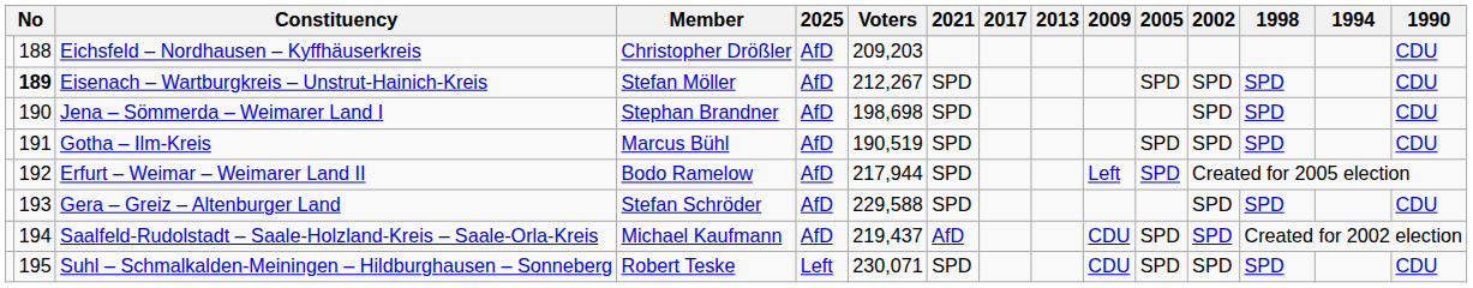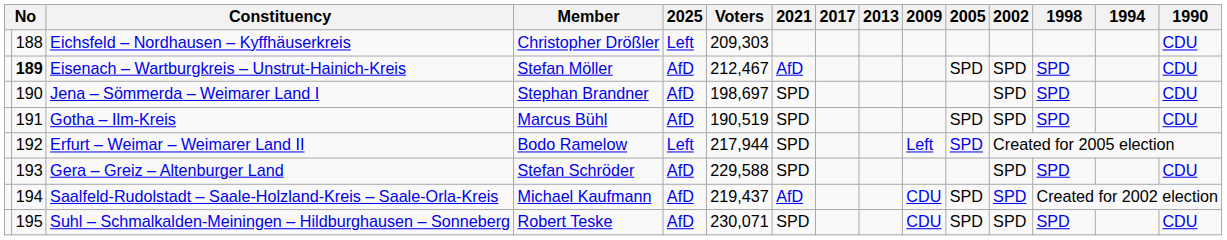 <table class="wikitable sortable">
 <tr>
 <th colspan=2>No</th>
 <th>Constituency</th>
 <th>Member</th>
 <th>2025</th>
 <th>Voters</th>
 <th>2021</th>
 <th>2017</th>
 <th>2013</th>
 <th>2009</th>
 <th>2005</th>
 <th>2002</th>
 <th>1998</th>
 <th>1994</th>
 <th>1990</th>
 </tr>
 <tr>
 <td style="background-color: "></td>
 <td>188</td>
 <td><a href='#'>Eichsfeld – Nordhausen – Kyffhäuserkreis</a></td>
 <td><a href='#'>Christopher Drößler</a></td>
-<td><a href='#'>AfD</a></td>
-<td>209,203</td>
+<td><a href='#'>Left</a></td>
+<td>209,303</td>
 <td></td>
 <td></td>
 <td></td>
 <td></td>
 <td></td>
 <td></td>
 <td></td>
 <td></td>
 <td><a href='#'>CDU</a></td>
 </tr>
 <tr>
 <td style="background-color: "></td>
 <td><strong>189</strong></td>
 <td><a href='#'>Eisenach – Wartburgkreis – Unstrut-Hainich-Kreis</a></td>
 <td><a href='#'>Stefan Möller</a></td>
 <td><a href='#'>AfD</a></td>
-<td>212,267</td>
-<td bgcolor=>SPD</td>
+<td>212,467</td>
+<td><a href='#'>AfD</a></td>
 <td></td>
 <td></td>
 <td></td>
 <td bgcolor=>SPD</td>
 <td bgcolor=>SPD</td>
 <td><a href='#'>SPD</a></td>
 <td></td>
 <td><a href='#'>CDU</a></td>
 </tr>
 <tr>
 <td style="background-color: "></td>
 <td>190</td>
 <td><a href='#'>Jena – Sömmerda – Weimarer Land I</a></td>
 <td><a href='#'>Stephan Brandner</a></td>
 <td><a href='#'>AfD</a></td>
-<td>198,698</td>
+<td>198,697</td>
 <td bgcolor=>SPD</td>
 <td></td>
 <td></td>
 <td></td>
 <td></td>
 <td bgcolor=>SPD</td>
 <td><a href='#'>SPD</a></td>
 <td></td>
 <td><a href='#'>CDU</a></td>
 </tr>
 <tr>
 <td style="background-color: "></td>
 <td>191</td>
 <td><a href='#'>Gotha – Ilm-Kreis</a></td>
 <td><a href='#'>Marcus Bühl</a></td>
 <td><a href='#'>AfD</a></td>
 <td>190,519</td>
 <td bgcolor=>SPD</td>
 <td></td>
 <td></td>
 <td></td>
 <td bgcolor=>SPD</td>
 <td bgcolor=>SPD</td>
 <td><a href='#'>SPD</a></td>
 <td></td>
 <td><a href='#'>CDU</a></td>
 </tr>
 <tr>
 <td style="background-color: "></td>
 <td>192</td>
 <td><a href='#'>Erfurt – Weimar – Weimarer Land II</a></td>
 <td><a href='#'>Bodo Ramelow</a></td>
-<td><a href='#'>AfD</a></td>
+<td><a href='#'>Left</a></td>
 <td>217,944</td>
 <td bgcolor=>SPD</td>
 <td></td>
 <td></td>
 <td><a href='#'>Left</a></td>
 <td><a href='#'>SPD</a></td>
 <td colspan=4>Created for 2005 election</td>
 </tr>
 <tr>
 <td style="background-color: "></td>
 <td>193</td>
 <td><a href='#'>Gera – Greiz – Altenburger Land</a></td>
 <td><a href='#'>Stefan Schröder</a></td>
 <td><a href='#'>AfD</a></td>
 <td>229,588</td>
 <td bgcolor=>SPD</td>
 <td></td>
 <td></td>
 <td></td>
 <td></td>
 <td bgcolor=>SPD</td>
 <td><a href='#'>SPD</a></td>
 <td></td>
 <td><a href='#'>CDU</a></td>
 </tr>
 <tr>
 <td style="background-color: "></td>
 <td>194</td>
 <td><a href='#'>Saalfeld-Rudolstadt – Saale-Holzland-Kreis – Saale-Orla-Kreis</a></td>
 <td><a href='#'>Michael Kaufmann</a></td>
 <td><a href='#'>AfD</a></td>
 <td>219,437</td>
 <td><a href='#'>AfD</a></td>
 <td></td>
 <td></td>
 <td><a href='#'>CDU</a></td>
 <td bgcolor=>SPD</td>
 <td><a href='#'>SPD</a></td>
 <td colspan=3>Created for 2002 election</td>
 </tr>
 <tr>
 <td style="background-color: "></td>
 <td>195</td>
 <td><a href='#'>Suhl – Schmalkalden-Meiningen – Hildburghausen – Sonneberg</a></td>
 <td><a href='#'>Robert Teske</a></td>
-<td><a href='#'>Left</a></td>
+<td><a href='#'>AfD</a></td>
 <td>230,071</td>
 <td bgcolor=>SPD</td>
 <td></td>
 <td></td>
 <td><a href='#'>CDU</a></td>
 <td bgcolor=>SPD</td>
 <td bgcolor=>SPD</td>
 <td><a href='#'>SPD</a></td>
 <td></td>
 <td><a href='#'>CDU</a></td>
 </tr>
 </table>
